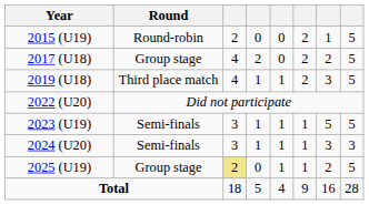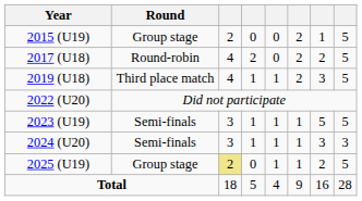 <table class="wikitable" style="text-align: center;">
 <tr>
 <th width="120">Year</th>
 <th width="120">Round</th>
 <th width="20"></th>
 <th width="20"></th>
 <th width="20"></th>
 <th width="20"></th>
 <th width="20"></th>
 <th width="20"></th>
 </tr>
 <tr>
 <td> <a href='#'>2015</a> (U19)</td>
-<td>Round-robin</td>
+<td>Group stage</td>
 <td>2</td>
 <td>0</td>
 <td>0</td>
 <td>2</td>
 <td>1</td>
 <td>5</td>
 </tr>
 <tr>
 <td> <a href='#'>2017</a> (U18)</td>
-<td>Group stage</td>
+<td>Round-robin</td>
 <td>4</td>
 <td>2</td>
 <td>0</td>
 <td>2</td>
 <td>2</td>
 <td>5</td>
 </tr>
 <tr>
 <td> <a href='#'>2019</a> (U18)</td>
 <td>Third place match</td>
 <td>4</td>
 <td>1</td>
 <td>1</td>
 <td>2</td>
 <td>3</td>
 <td>5</td>
 </tr>
 <tr>
 <td> <a href='#'>2022</a> (U20)</td>
 <td colspan="7"><em>Did not participate</em></td>
 </tr>
 <tr>
 <td> <a href='#'>2023</a> (U19)</td>
 <td>Semi-finals</td>
 <td>3</td>
 <td>1</td>
 <td>1</td>
 <td>1</td>
 <td>5</td>
 <td>5</td>
 </tr>
 <tr>
 <td> <a href='#'>2024</a> (U20)</td>
 <td>Semi-finals</td>
 <td>3</td>
 <td>1</td>
 <td>1</td>
 <td>1</td>
 <td>3</td>
 <td>3</td>
 </tr>
 <tr>
 <td> <a href='#'>2025</a> (U19)</td>
 <td>Group stage</td>
 <td style="background: khaki;">2</td>
 <td>0</td>
 <td>1</td>
 <td>1</td>
 <td>2</td>
 <td>5</td>
 </tr>
 <tr>
 <td colspan="2"><strong>Total</strong></td>
 <td>18</td>
 <td>5</td>
 <td>4</td>
 <td>9</td>
 <td>16</td>
 <td>28</td>
 </tr>
 </table>
